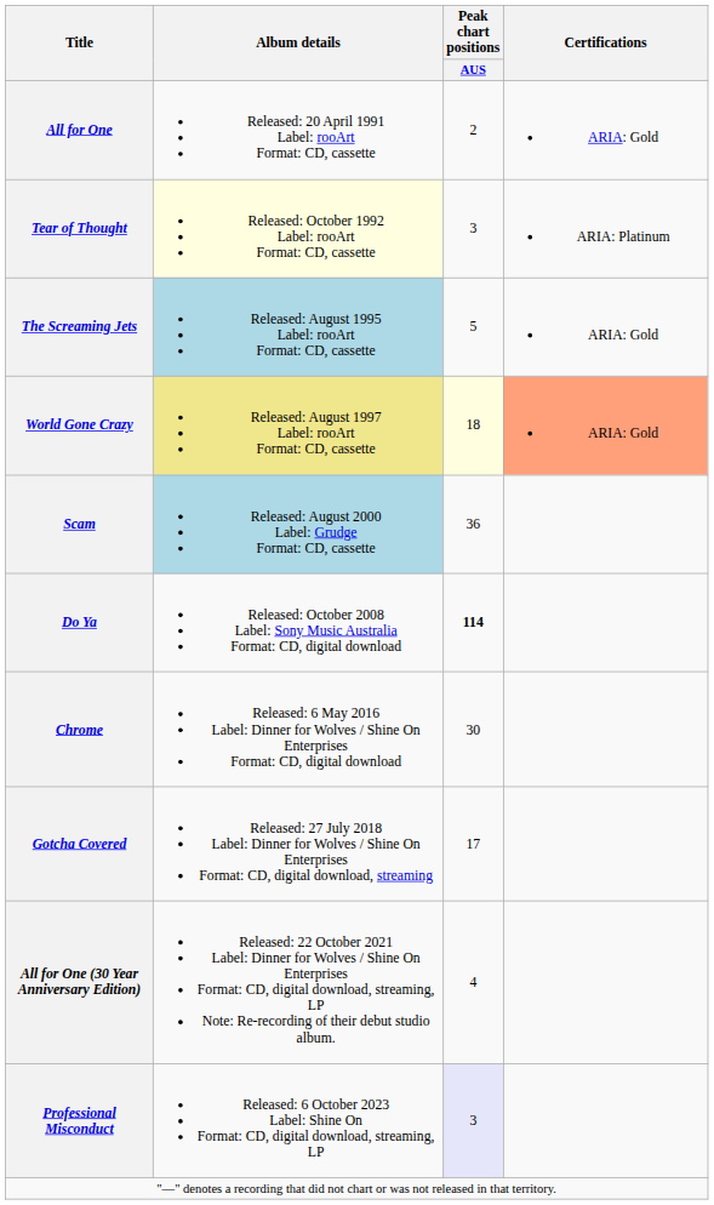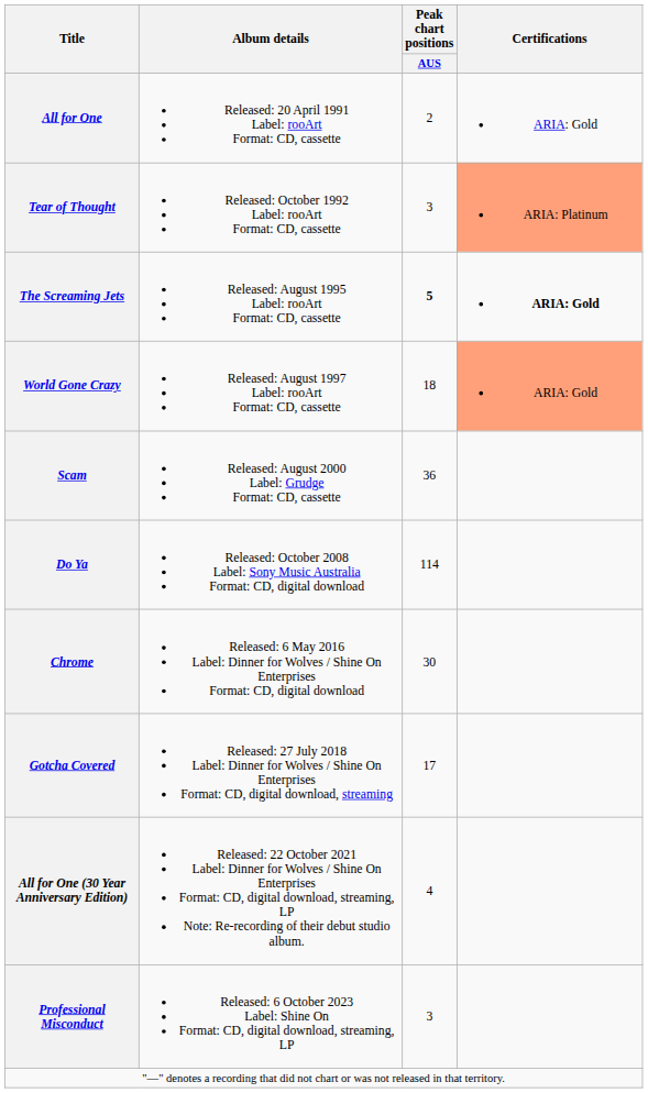 <table class="wikitable plainrowheaders" style="text-align:center;" border="1">
 <tr>
 <th scope="col" rowspan="2" style="width:10em;">Title</th>
 <th scope="col" rowspan="2" style="width:20em;">Album details</th>
 <th scope="col" colspan="1">Peak chart positions</th>
 <th scope="col" rowspan="2" style="width:14em;">Certifications</th>
 </tr>
 <tr>
 <th scope="col" style="width:3em;font-size:90%;"><a href='#'>AUS</a><br></th>
 </tr>
 <tr>
 <th scope="row"><em><a href='#'>All for One</a></em></th>
 <td><br><ul><li>Released: 20 April 1991</li><li>Label: <a href='#'>rooArt</a></li><li>Format: CD, cassette</li></ul></td>
 <td>2</td>
 <td><br><ul><li><a href='#'>ARIA</a>: Gold</li></ul></td>
 </tr>
 <tr>
 <th scope="row"><em><a href='#'>Tear of Thought</a></em></th>
-<td style="background: lightyellow;"><br><ul><li>Released: October 1992</li><li>Label: rooArt</li><li>Format: CD, cassette</li></ul></td>
+<td><br><ul><li>Released: October 1992</li><li>Label: rooArt</li><li>Format: CD, cassette</li></ul></td>
 <td>3</td>
-<td><br><ul><li>ARIA: Platinum</li></ul></td>
+<td style="background: lightsalmon;"><br><ul><li>ARIA: Platinum</li></ul></td>
 </tr>
 <tr>
 <th scope="row"><em><a href='#'>The Screaming Jets</a></em></th>
-<td style="background: lightblue;"><br><ul><li>Released: August 1995</li><li>Label: rooArt</li><li>Format: CD, cassette</li></ul></td>
-<td>5</td>
-<td><br><ul><li>ARIA: Gold</li></ul></td>
+<td><br><ul><li>Released: August 1995</li><li>Label: rooArt</li><li>Format: CD, cassette</li></ul></td>
+<td><strong>5</strong></td>
+<td><strong><br><ul><li>ARIA: Gold</li></ul></strong></td>
 </tr>
 <tr>
 <th scope="row"><em><a href='#'>World Gone Crazy</a></em></th>
-<td style="background: khaki;"><br><ul><li>Released: August 1997</li><li>Label: rooArt</li><li>Format: CD, cassette</li></ul></td>
-<td style="background: lightyellow;">18</td>
+<td><br><ul><li>Released: August 1997</li><li>Label: rooArt</li><li>Format: CD, cassette</li></ul></td>
+<td>18</td>
 <td style="background: lightsalmon;"><br><ul><li>ARIA: Gold</li></ul></td>
 </tr>
 <tr>
 <th scope="row"><em><a href='#'>Scam</a></em></th>
-<td style="background: lightblue;"><br><ul><li>Released: August 2000</li><li>Label: <a href='#'>Grudge</a></li><li>Format: CD, cassette</li></ul></td>
+<td><br><ul><li>Released: August 2000</li><li>Label: <a href='#'>Grudge</a></li><li>Format: CD, cassette</li></ul></td>
 <td>36</td>
 <td></td>
 </tr>
 <tr>
 <th scope="row"><em><a href='#'>Do Ya</a></em></th>
 <td><br><ul><li>Released: October 2008</li><li>Label: <a href='#'>Sony Music Australia</a></li><li>Format: CD, digital download</li></ul></td>
-<td><strong>114</strong></td>
+<td>114</td>
 <td></td>
 </tr>
 <tr>
 <th scope="row"><em><a href='#'>Chrome</a></em></th>
 <td><br><ul><li>Released: 6 May 2016</li><li>Label: Dinner for Wolves / Shine On Enterprises</li><li>Format: CD, digital download</li></ul></td>
 <td>30</td>
 <td></td>
 </tr>
 <tr>
 <th scope="row"><em><a href='#'>Gotcha Covered</a></em></th>
 <td><br><ul><li>Released: 27 July 2018</li><li>Label: Dinner for Wolves / Shine On Enterprises</li><li>Format: CD, digital download, <a href='#'>streaming</a></li></ul></td>
 <td>17</td>
 <td></td>
 </tr>
 <tr>
 <th scope="row"><em>All for One (30 Year Anniversary Edition)</em></th>
 <td><br><ul><li>Released: 22 October 2021</li><li>Label: Dinner for Wolves / Shine On Enterprises</li><li>Format: CD, digital download, streaming, LP</li><li>Note: Re-recording of their debut studio album.</li></ul></td>
 <td>4</td>
 <td></td>
 </tr>
 <tr>
 <th scope="row"><em><a href='#'>Professional Misconduct</a></em></th>
 <td><br><ul><li>Released: 6 October 2023</li><li>Label: Shine On</li><li>Format: CD, digital download, streaming, LP</li></ul></td>
-<td style="background: lavender;">3<br></td>
+<td>3<br></td>
 <td></td>
 </tr>
 <tr>
 <td colspan="13" style="font-size:90%">"—" denotes a recording that did not chart or was not released in that territory.</td>
 </tr>
 </table>
